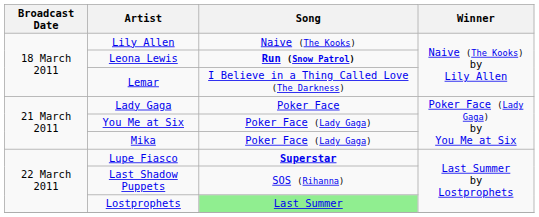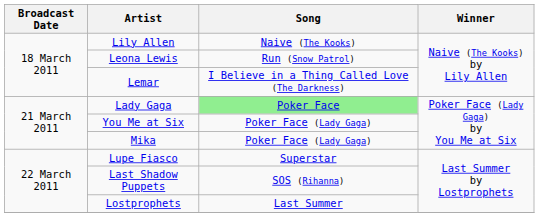 <table class="wikitable" style="text-align:center" width=75%>
 <tr>
 <th>Broadcast Date</th>
 <th>Artist</th>
 <th>Song</th>
 <th>Winner</th>
 </tr>
 <tr>
 <td rowspan="3">18 March 2011</td>
 <td><a href='#'>Lily Allen</a></td>
 <td><a href='#'>Naive</a> <small>(<a href='#'>The Kooks</a>)</small></td>
 <td rowspan="3"><a href='#'>Naive</a> <small>(<a href='#'>The Kooks</a>)</small><br>by<br><a href='#'>Lily Allen</a></td>
 </tr>
 <tr>
 <td><a href='#'>Leona Lewis</a></td>
-<td><strong><a href='#'>Run</a> <small>(<a href='#'>Snow Patrol</a>)</small></strong></td>
+<td><a href='#'>Run</a> <small>(<a href='#'>Snow Patrol</a>)</small></td>
 </tr>
 <tr>
 <td><a href='#'>Lemar</a></td>
 <td><a href='#'>I Believe in a Thing Called Love</a> <small>(<a href='#'>The Darkness</a>)</small></td>
 </tr>
 <tr>
 <td rowspan="3">21 March 2011</td>
 <td><a href='#'>Lady Gaga</a></td>
-<td><a href='#'>Poker Face</a></td>
+<td style="background: lightgreen;"><a href='#'>Poker Face</a></td>
 <td rowspan="3"><a href='#'>Poker Face</a> <small>(<a href='#'>Lady Gaga</a>)</small><br>by<br><a href='#'>You Me at Six</a></td>
 </tr>
 <tr>
 <td><a href='#'>You Me at Six</a></td>
 <td><a href='#'>Poker Face</a> <small>(<a href='#'>Lady Gaga</a>)</small></td>
 </tr>
 <tr>
 <td><a href='#'>Mika</a></td>
 <td><a href='#'>Poker Face</a> <small>(<a href='#'>Lady Gaga</a>)</small></td>
 </tr>
 <tr>
 <td rowspan="3">22 March 2011</td>
 <td><a href='#'>Lupe Fiasco</a></td>
-<td><strong><a href='#'>Superstar</a></strong></td>
+<td><a href='#'>Superstar</a></td>
 <td rowspan="3"><a href='#'>Last Summer</a><br>by<br><a href='#'>Lostprophets</a></td>
 </tr>
 <tr>
 <td><a href='#'>Last Shadow Puppets</a></td>
 <td><a href='#'>SOS</a> <small>(<a href='#'>Rihanna</a>)</small></td>
 </tr>
 <tr>
 <td><a href='#'>Lostprophets</a></td>
-<td style="background: lightgreen;"><a href='#'>Last Summer</a></td>
+<td><a href='#'>Last Summer</a></td>
 </tr>
 <tr>
 </tr>
 </table>
